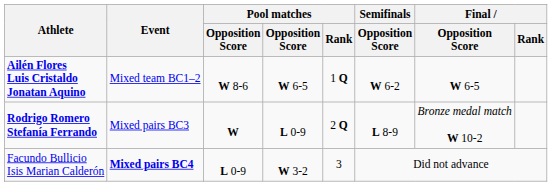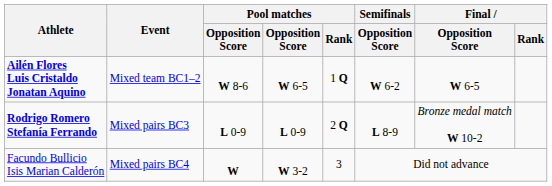 <table class=wikitable style="font-size:90%">
 <tr>
 <th rowspan="2">Athlete</th>
 <th rowspan="2">Event</th>
 <th colspan="3">Pool matches</th>
 <th>Semifinals</th>
 <th colspan=2>Final / </th>
 </tr>
 <tr>
 <th>Opposition<br>Score</th>
 <th>Opposition<br>Score</th>
 <th>Rank</th>
 <th>Opposition<br>Score</th>
 <th>Opposition<br>Score</th>
 <th>Rank</th>
 </tr>
 <tr align=center>
 <td align=left><strong><a href='#'>Ailén Flores</a><br><a href='#'>Luis Cristaldo</a><br><a href='#'>Jonatan Aquino</a></strong></td>
 <td align=left><a href='#'>Mixed team BC1–2</a></td>
 <td><br><strong>W</strong> 8-6</td>
 <td><br><strong>W</strong> 6-5</td>
 <td>1 <strong>Q</strong></td>
 <td><br><strong>W</strong> 6-2</td>
 <td><br><strong>W</strong> 6-5</td>
 <td></td>
 </tr>
 <tr align=center>
 <td align=left><strong><a href='#'>Rodrigo Romero</a><br><a href='#'>Stefanía Ferrando</a></strong></td>
 <td align=left><a href='#'>Mixed pairs BC3</a></td>
-<td><br><strong>W</strong> </td>
+<td><br><strong>L</strong> 0-9</td>
 <td><br><strong>L</strong> 0-9</td>
 <td>2 <strong>Q</strong></td>
 <td><br><strong>L</strong> 8-9</td>
 <td><em>Bronze medal match</em><br><br><strong>W</strong> 10-2</td>
 <td></td>
 </tr>
 <tr align=center>
 <td align=left><a href='#'>Facundo Bullicio</a><br><a href='#'>Isis Marian Calderón</a></td>
-<td align=left><strong><a href='#'>Mixed pairs BC4</a></strong></td>
-<td><br><strong>L</strong> 0-9</td>
+<td align=left><a href='#'>Mixed pairs BC4</a></td>
+<td><br><strong>W</strong> </td>
 <td><br><strong>W</strong> 3-2</td>
 <td>3</td>
 <td colspan=3>Did not advance</td>
 </tr>
 </table>
